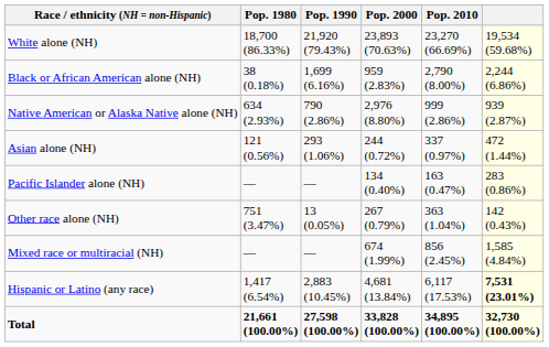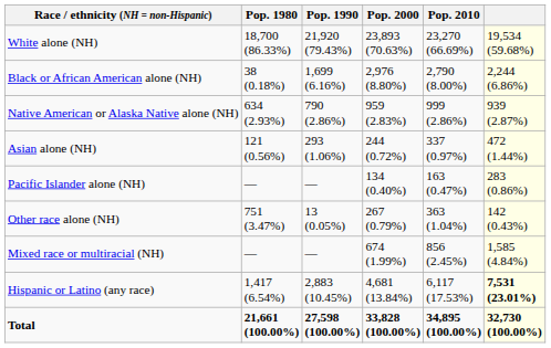 <table class="wikitable sortable collapsible" style="font-size: 95%;">
 <tr>
 <th>Race / ethnicity <small>(<em>NH = non-Hispanic</em>)</small></th>
 <th>Pop. 1980</th>
 <th>Pop. 1990</th>
 <th>Pop. 2000</th>
 <th>Pop. 2010</th>
 <th></th>
 </tr>
 <tr>
 <td><a href='#'>White</a> alone (NH)</td>
 <td>18,700<br>(86.33%)</td>
 <td>21,920<br>(79.43%)</td>
 <td>23,893<br>(70.63%)</td>
 <td>23,270<br>(66.69%)</td>
 <td style='background: #ffffe6;'>19,534<br>(59.68%)</td>
 </tr>
 <tr>
 <td><a href='#'>Black or African American</a> alone (NH)</td>
 <td>38<br>(0.18%)</td>
 <td>1,699<br>(6.16%)</td>
-<td>959<br>(2.83%)</td>
+<td>2,976<br>(8.80%)</td>
 <td>2,790<br>(8.00%)</td>
 <td style='background: #ffffe6;'>2,244<br>(6.86%)</td>
 </tr>
 <tr>
 <td><a href='#'>Native American</a> or <a href='#'>Alaska Native</a> alone (NH)</td>
 <td>634<br>(2.93%)</td>
 <td>790<br>(2.86%)</td>
-<td>2,976<br>(8.80%)</td>
+<td>959<br>(2.83%)</td>
 <td>999<br>(2.86%)</td>
 <td style='background: #ffffe6;'>939<br>(2.87%)</td>
 </tr>
 <tr>
 <td><a href='#'>Asian</a> alone (NH)</td>
 <td>121<br>(0.56%)</td>
 <td>293<br>(1.06%)</td>
 <td>244<br>(0.72%)</td>
 <td>337<br>(0.97%)</td>
 <td style='background: #ffffe6;'>472<br>(1.44%)</td>
 </tr>
 <tr>
 <td><a href='#'>Pacific Islander</a> alone (NH)</td>
 <td>—</td>
 <td>—</td>
 <td>134<br>(0.40%)</td>
 <td>163<br>(0.47%)</td>
 <td style='background: #ffffe6;'>283<br>(0.86%)</td>
 </tr>
 <tr>
 <td><a href='#'>Other race</a> alone (NH)</td>
 <td>751<br>(3.47%)</td>
 <td>13<br>(0.05%)</td>
 <td>267<br>(0.79%)</td>
 <td>363<br>(1.04%)</td>
 <td style='background: #ffffe6;'>142<br>(0.43%)</td>
 </tr>
 <tr>
 <td><a href='#'>Mixed race or multiracial</a> (NH)</td>
 <td>—</td>
 <td>—</td>
 <td>674<br>(1.99%)</td>
 <td>856<br>(2.45%)</td>
 <td style='background: #ffffe6;'>1,585<br>(4.84%)</td>
 </tr>
 <tr>
 <td><a href='#'>Hispanic or Latino</a> (any race)</td>
 <td>1,417<br>(6.54%)</td>
 <td>2,883<br>(10.45%)</td>
 <td>4,681<br>(13.84%)</td>
 <td>6,117<br>(17.53%)</td>
 <td style='background: #ffffe6;'><strong>7,531<br>(23.01%)</strong></td>
 </tr>
 <tr>
 <td><strong>Total</strong></td>
 <td><strong>21,661<br>(100.00%)</strong></td>
 <td><strong>27,598<br>(100.00%)</strong></td>
 <td><strong>33,828<br>(100.00%)</strong></td>
 <td><strong>34,895<br>(100.00%)</strong></td>
 <td style='background: #ffffe6;'><strong>32,730<br>(100.00%)</strong></td>
 </tr>
 </table>
